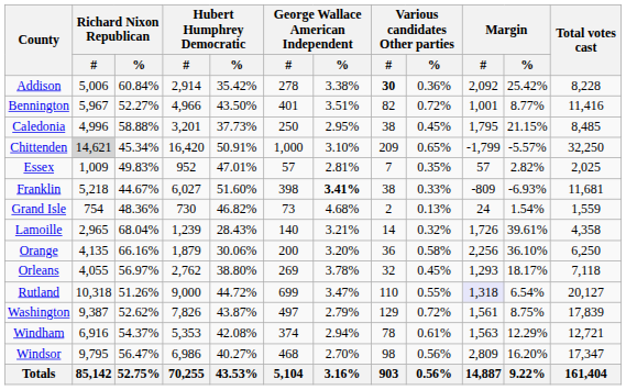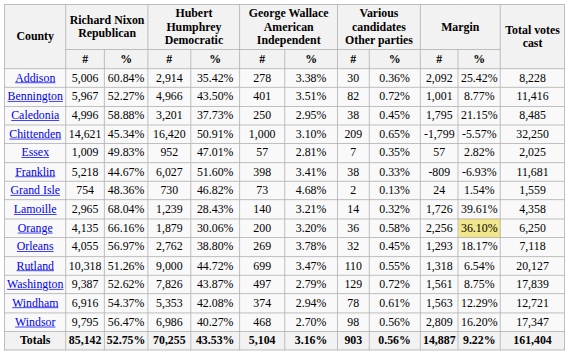 <table width="60%" class="wikitable sortable">
 <tr>
 <th rowspan="2">County</th>
 <th colspan="2">Richard Nixon<br>Republican</th>
 <th colspan="2">Hubert Humphrey<br>Democratic</th>
 <th colspan="2">George Wallace<br>American Independent</th>
 <th colspan="2">Various candidates<br>Other parties</th>
 <th colspan="2">Margin</th>
 <th rowspan="2">Total votes cast</th>
 </tr>
 <tr>
 <th data-sort-type="number">#</th>
 <th data-sort-type="number">%</th>
 <th data-sort-type="number">#</th>
 <th data-sort-type="number">%</th>
 <th data-sort-type="number">#</th>
 <th data-sort-type="number">%</th>
 <th data-sort-type="number">#</th>
 <th data-sort-type="number">%</th>
 <th data-sort-type="number">#</th>
 <th data-sort-type="number">%</th>
 </tr>
 <tr style="text-align:center;">
 <td><a href='#'>Addison</a></td>
 <td>5,006</td>
 <td>60.84%</td>
 <td>2,914</td>
 <td>35.42%</td>
 <td>278</td>
 <td>3.38%</td>
-<td><strong>30</strong></td>
+<td>30</td>
 <td>0.36%</td>
 <td>2,092</td>
 <td>25.42%</td>
 <td>8,228</td>
 </tr>
 <tr style="text-align:center;">
 <td><a href='#'>Bennington</a></td>
 <td>5,967</td>
 <td>52.27%</td>
 <td>4,966</td>
 <td>43.50%</td>
 <td>401</td>
 <td>3.51%</td>
 <td>82</td>
 <td>0.72%</td>
 <td>1,001</td>
 <td>8.77%</td>
 <td>11,416</td>
 </tr>
 <tr style="text-align:center;">
 <td><a href='#'>Caledonia</a></td>
 <td>4,996</td>
 <td>58.88%</td>
 <td>3,201</td>
 <td>37.73%</td>
 <td>250</td>
 <td>2.95%</td>
 <td>38</td>
 <td>0.45%</td>
 <td>1,795</td>
 <td>21.15%</td>
 <td>8,485</td>
 </tr>
 <tr style="text-align:center;">
 <td><a href='#'>Chittenden</a></td>
-<td style="background: lightgrey;">14,621</td>
+<td>14,621</td>
 <td>45.34%</td>
 <td>16,420</td>
 <td>50.91%</td>
 <td>1,000</td>
 <td>3.10%</td>
 <td>209</td>
 <td>0.65%</td>
 <td>-1,799</td>
 <td>-5.57%</td>
 <td>32,250</td>
 </tr>
 <tr style="text-align:center;">
 <td><a href='#'>Essex</a></td>
 <td>1,009</td>
 <td>49.83%</td>
 <td>952</td>
 <td>47.01%</td>
 <td>57</td>
 <td>2.81%</td>
 <td>7</td>
 <td>0.35%</td>
 <td>57</td>
 <td>2.82%</td>
 <td>2,025</td>
 </tr>
 <tr style="text-align:center;">
 <td><a href='#'>Franklin</a></td>
 <td>5,218</td>
 <td>44.67%</td>
 <td>6,027</td>
 <td>51.60%</td>
 <td>398</td>
-<td><strong>3.41%</strong></td>
+<td>3.41%</td>
 <td>38</td>
 <td>0.33%</td>
 <td>-809</td>
 <td>-6.93%</td>
 <td>11,681</td>
 </tr>
 <tr style="text-align:center;">
 <td><a href='#'>Grand Isle</a></td>
 <td>754</td>
 <td>48.36%</td>
 <td>730</td>
 <td>46.82%</td>
 <td>73</td>
 <td>4.68%</td>
 <td>2</td>
 <td>0.13%</td>
 <td>24</td>
 <td>1.54%</td>
 <td>1,559</td>
 </tr>
 <tr style="text-align:center;">
 <td><a href='#'>Lamoille</a></td>
 <td>2,965</td>
 <td>68.04%</td>
 <td>1,239</td>
 <td>28.43%</td>
 <td>140</td>
 <td>3.21%</td>
 <td>14</td>
 <td>0.32%</td>
 <td>1,726</td>
 <td>39.61%</td>
 <td>4,358</td>
 </tr>
 <tr style="text-align:center;">
 <td><a href='#'>Orange</a></td>
 <td>4,135</td>
 <td>66.16%</td>
 <td>1,879</td>
 <td>30.06%</td>
 <td>200</td>
 <td>3.20%</td>
 <td>36</td>
 <td>0.58%</td>
 <td>2,256</td>
-<td>36.10%</td>
+<td style="background: khaki;">36.10%</td>
 <td>6,250</td>
 </tr>
 <tr style="text-align:center;">
 <td><a href='#'>Orleans</a></td>
 <td>4,055</td>
 <td>56.97%</td>
 <td>2,762</td>
 <td>38.80%</td>
 <td>269</td>
 <td>3.78%</td>
 <td>32</td>
 <td>0.45%</td>
 <td>1,293</td>
 <td>18.17%</td>
 <td>7,118</td>
 </tr>
 <tr style="text-align:center;">
 <td><a href='#'>Rutland</a></td>
 <td>10,318</td>
 <td>51.26%</td>
 <td>9,000</td>
 <td>44.72%</td>
 <td>699</td>
 <td>3.47%</td>
 <td>110</td>
 <td>0.55%</td>
-<td style="background: lavender;">1,318</td>
+<td>1,318</td>
 <td>6.54%</td>
 <td>20,127</td>
 </tr>
 <tr style="text-align:center;">
 <td><a href='#'>Washington</a></td>
 <td>9,387</td>
 <td>52.62%</td>
 <td>7,826</td>
 <td>43.87%</td>
 <td>497</td>
 <td>2.79%</td>
 <td>129</td>
 <td>0.72%</td>
 <td>1,561</td>
 <td>8.75%</td>
 <td>17,839</td>
 </tr>
 <tr style="text-align:center;">
 <td><a href='#'>Windham</a></td>
 <td>6,916</td>
 <td>54.37%</td>
 <td>5,353</td>
 <td>42.08%</td>
 <td>374</td>
 <td>2.94%</td>
 <td>78</td>
 <td>0.61%</td>
 <td>1,563</td>
 <td>12.29%</td>
 <td>12,721</td>
 </tr>
 <tr style="text-align:center;">
 <td><a href='#'>Windsor</a></td>
 <td>9,795</td>
 <td>56.47%</td>
 <td>6,986</td>
 <td>40.27%</td>
 <td>468</td>
 <td>2.70%</td>
 <td>98</td>
 <td>0.56%</td>
 <td>2,809</td>
 <td>16.20%</td>
 <td>17,347</td>
 </tr>
 <tr>
 <th>Totals</th>
 <th>85,142</th>
 <th>52.75%</th>
 <th>70,255</th>
 <th>43.53%</th>
 <th>5,104</th>
 <th>3.16%</th>
 <th>903</th>
 <th>0.56%</th>
 <th>14,887</th>
 <th>9.22%</th>
 <th>161,404</th>
 </tr>
 </table>
